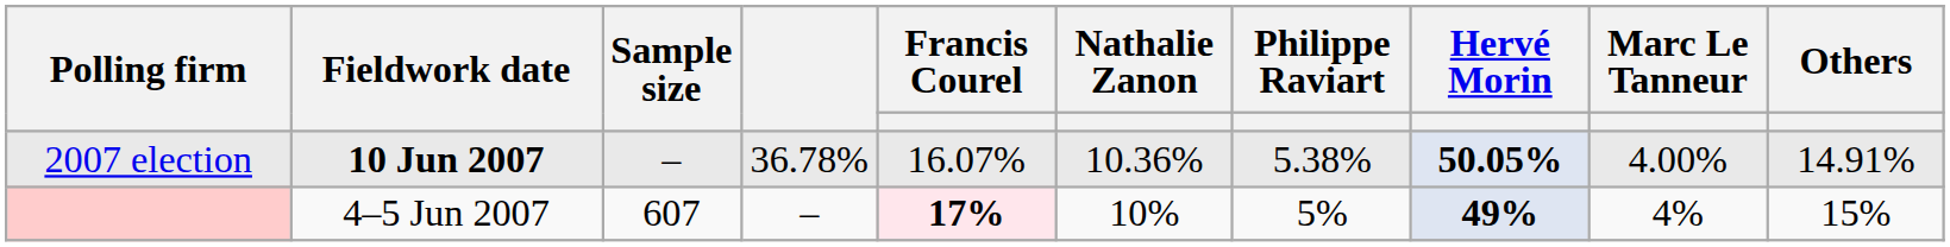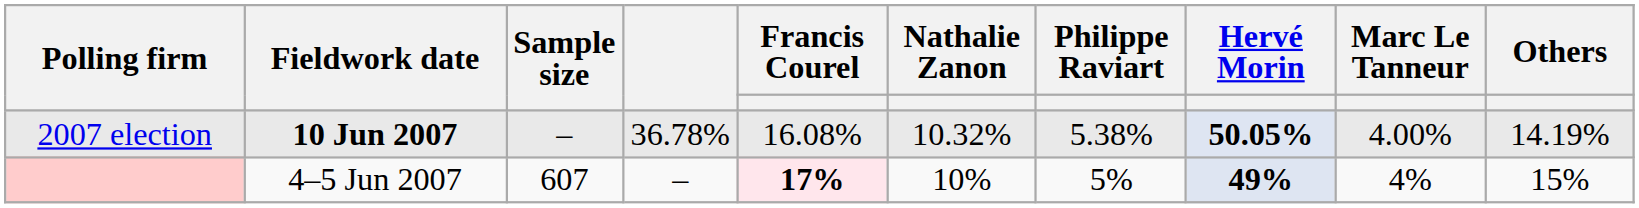 <table class="wikitable sortable" style="text-align:center;font-size:90%;line-height:14px;">
 <tr style="height:40px;">
 <th style="width:100px;" rowspan="2">Polling firm</th>
 <th style="width:110px;" rowspan="2">Fieldwork date</th>
 <th style="width:35px;" rowspan="2">Sample<br>size</th>
 <th style="width:30px;" rowspan="2"></th>
 <th class="unsortable" style="width:60px;">Francis Courel<br></th>
 <th class="unsortable" style="width:60px;">Nathalie Zanon<br></th>
 <th class="unsortable" style="width:60px;">Philippe Raviart<br></th>
 <th class="unsortable" style="width:60px;"><a href='#'>Hervé Morin</a><br></th>
 <th class="unsortable" style="width:60px;">Marc Le Tanneur<br></th>
 <th class="unsortable" style="width:60px;">Others</th>
 </tr>
 <tr>
 <th style="background:"></th>
 <th style="background:"></th>
 <th style="background:"></th>
 <th style="background:"></th>
 <th style="background:"></th>
 <th style="background:"></th>
 </tr>
 <tr style="background:#E9E9E9;">
 <td><a href='#'>2007 election</a></td>
 <td data-sort-value="2007-06-10"><strong>10 Jun 2007</strong></td>
 <td>–</td>
 <td>36.78%</td>
-<td>16.07%</td>
-<td>10.36%</td>
+<td>16.08%</td>
+<td>10.32%</td>
 <td>5.38%</td>
 <td style="background:#DEE5F2;"><strong>50.05%</strong></td>
 <td>4.00%</td>
-<td>14.91%</td>
+<td>14.19%</td>
 </tr>
 <tr>
 <td style="background:#FFCCCC;"></td>
 <td data-sort-value="2007-06-05">4–5 Jun 2007</td>
 <td>607</td>
 <td>–</td>
 <td style="background:#FFE6EC;"><strong>17%</strong></td>
 <td>10%</td>
 <td>5%</td>
 <td style="background:#DEE5F2;"><strong>49%</strong></td>
 <td>4%</td>
 <td>15%</td>
 </tr>
 </table>
